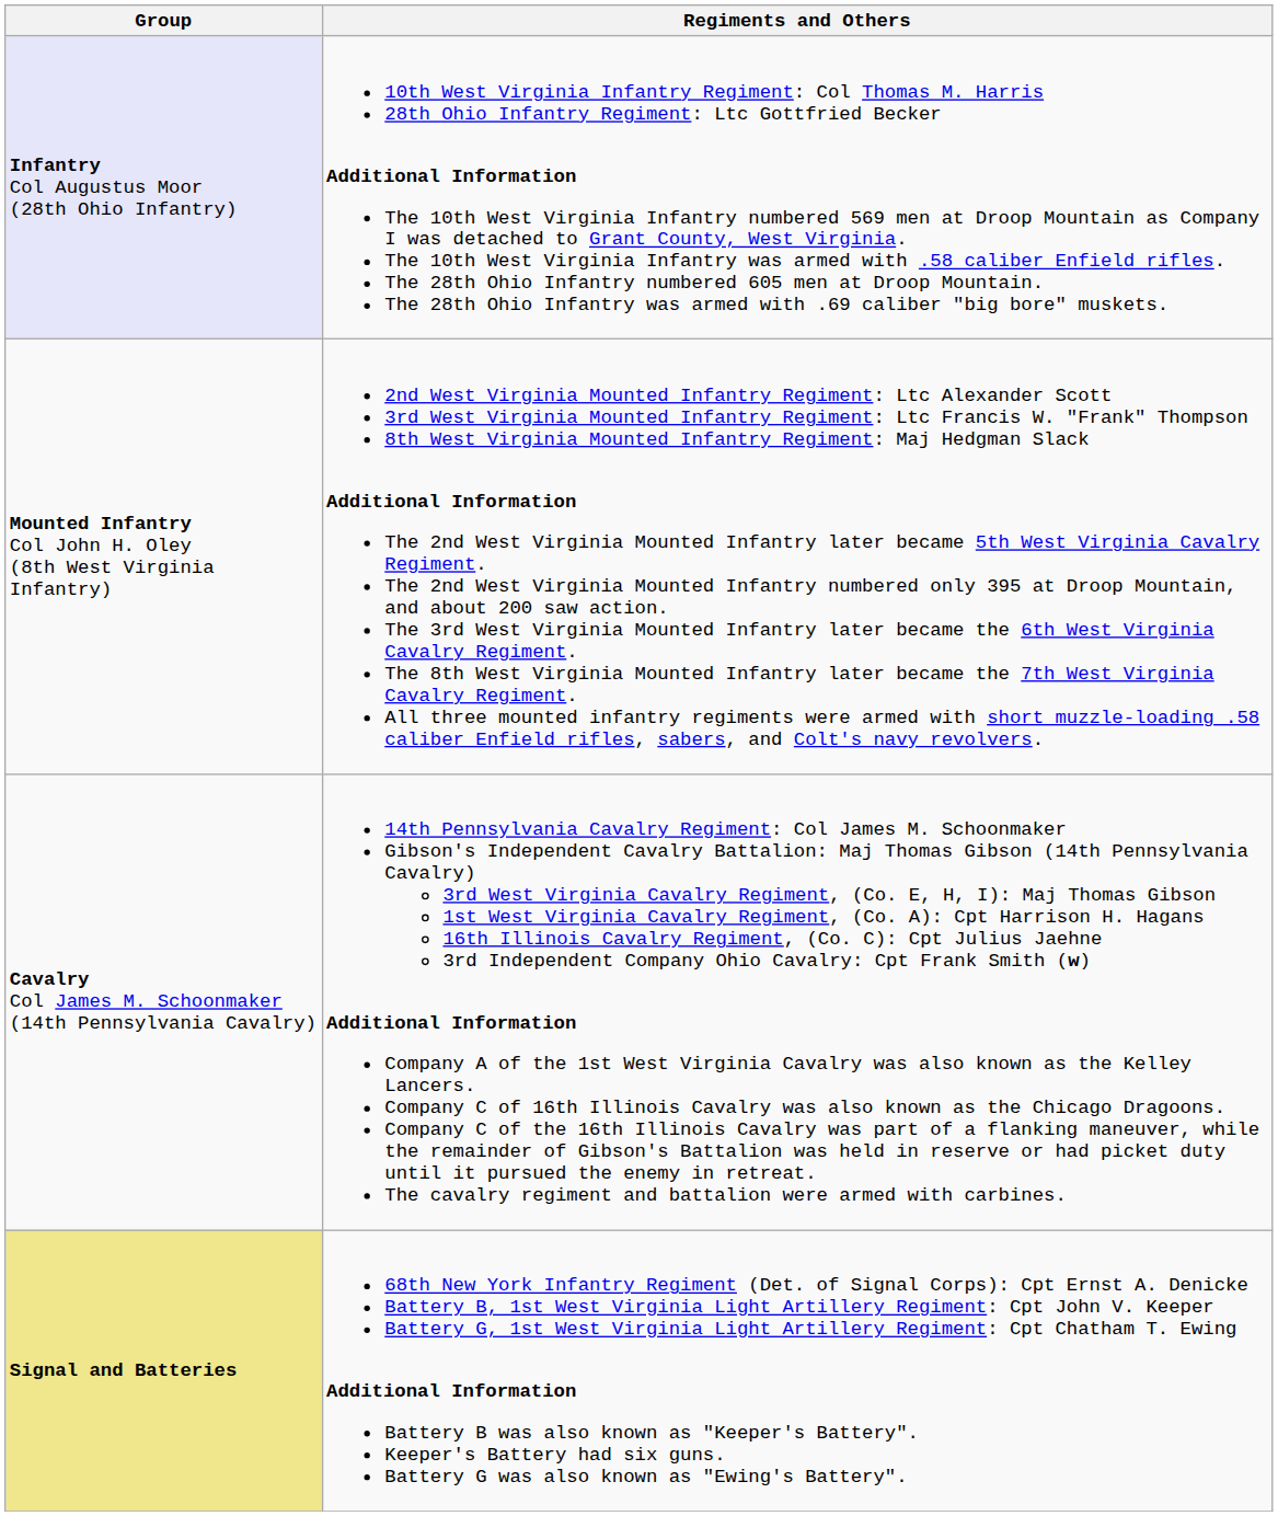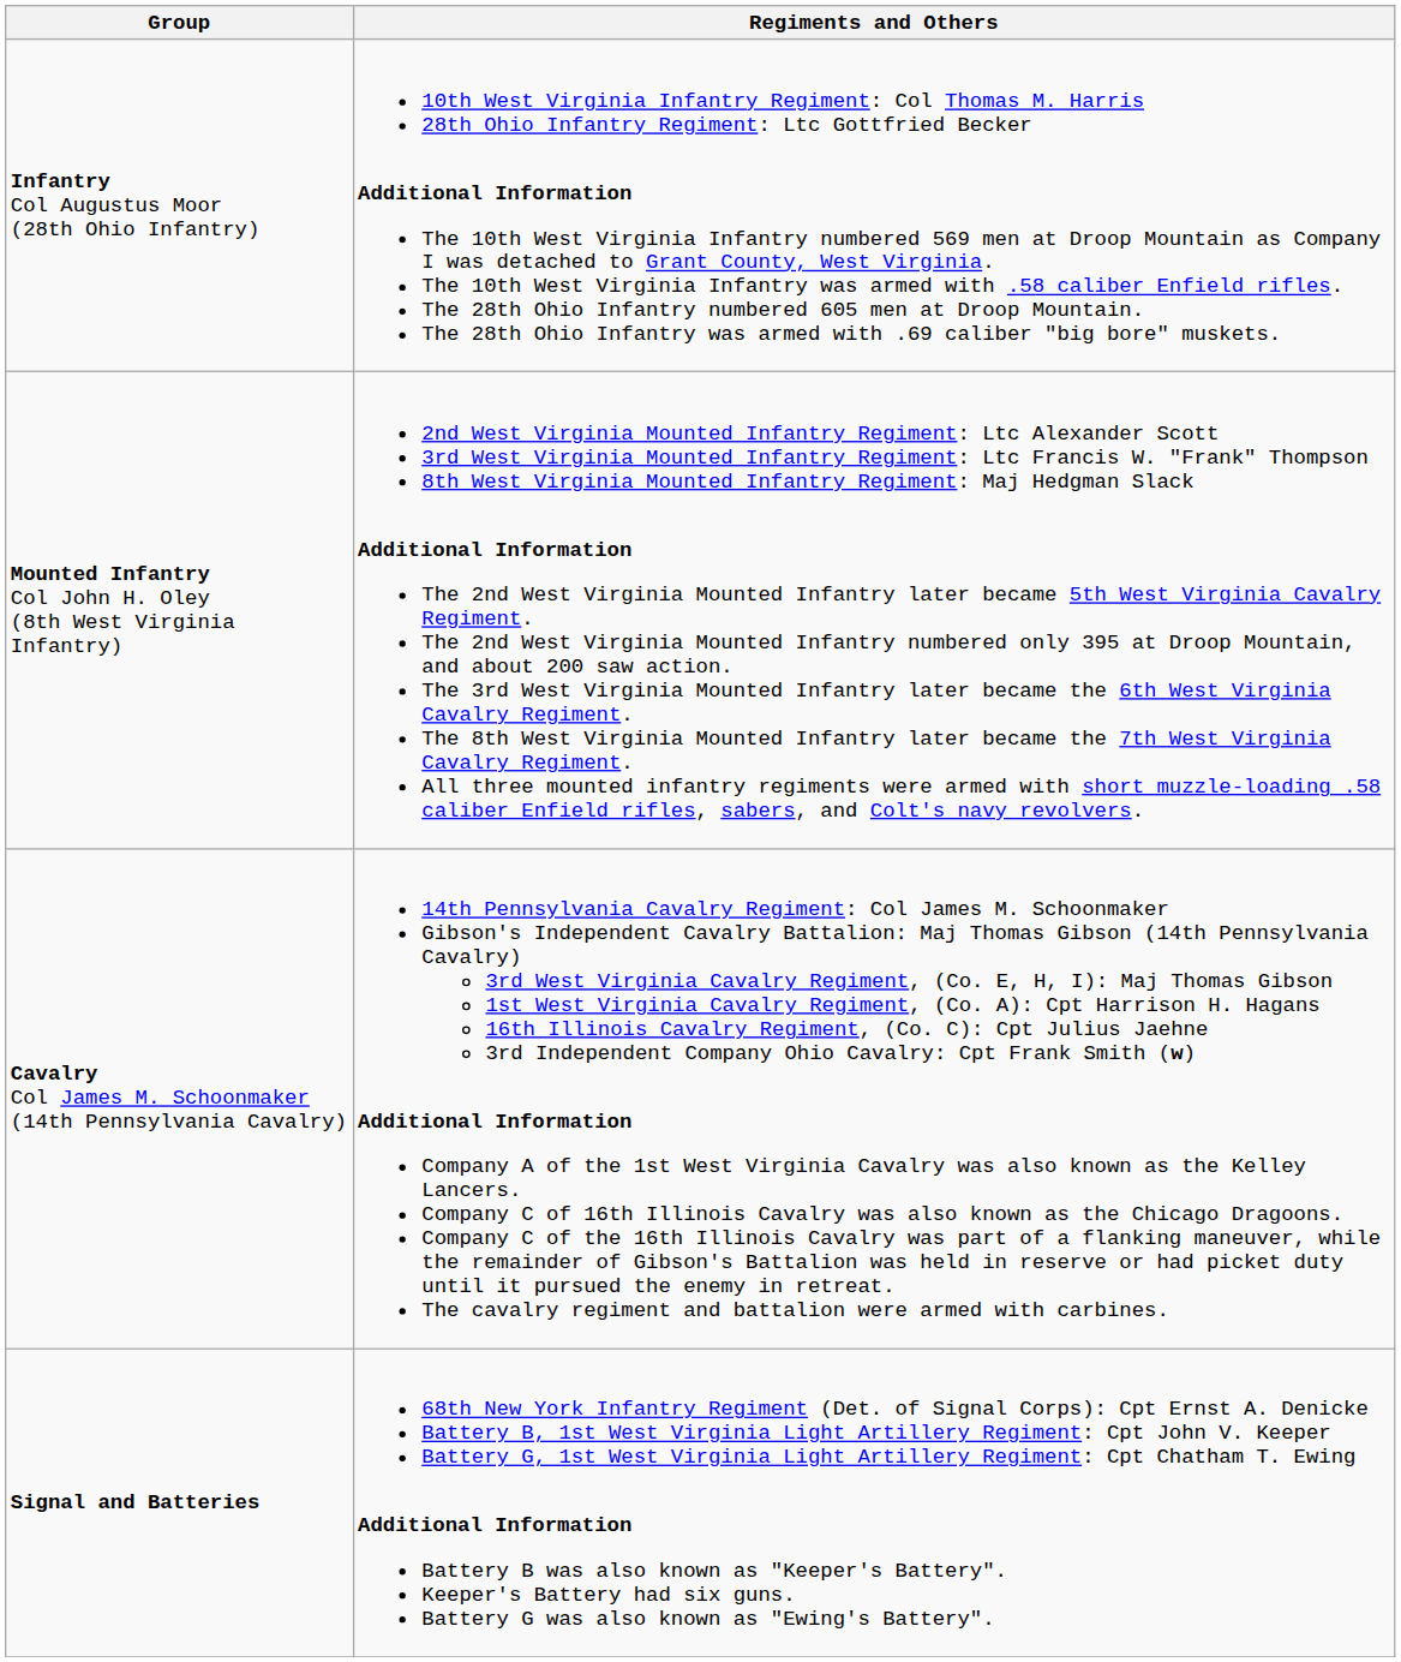 <table class="wikitable">
 <tr>
 <th width=25%>Group</th>
 <th>Regiments and Others</th>
 </tr>
 <tr>
-<td style="background: lavender;"><strong>Infantry</strong><br>Col Augustus Moor<br>(28th Ohio Infantry)</td>
+<td><strong>Infantry</strong><br>Col Augustus Moor<br>(28th Ohio Infantry)</td>
 <td><br><ul><li><a href='#'>10th West Virginia Infantry Regiment</a>: Col <a href='#'>Thomas M. Harris</a></li><li><a href='#'>28th Ohio Infantry Regiment</a>: Ltc Gottfried Becker</li></ul><br> <strong>Additional Information</strong><ul><li>The 10th West Virginia Infantry numbered 569 men at Droop Mountain as Company I was detached to <a href='#'>Grant County, West Virginia</a>.</li><li>The 10th West Virginia  Infantry was armed with <a href='#'>.58 caliber Enfield rifles</a>.</li><li>The 28th Ohio Infantry numbered 605 men at Droop Mountain.</li><li>The 28th Ohio Infantry was armed with .69 caliber "big bore" muskets.</li></ul></td>
 </tr>
 <tr>
 <td><strong>Mounted Infantry</strong><br>Col John H. Oley<br>(8th West Virginia Infantry)</td>
 <td><br><ul><li><a href='#'>2nd West Virginia Mounted Infantry Regiment</a>: Ltc Alexander Scott</li><li><a href='#'>3rd West Virginia Mounted Infantry Regiment</a>: Ltc Francis W. "Frank" Thompson</li><li><a href='#'>8th West Virginia Mounted Infantry Regiment</a>: Maj Hedgman Slack</li></ul><br> <strong>Additional Information</strong><ul><li>The 2nd West Virginia Mounted Infantry later became <a href='#'>5th West Virginia Cavalry Regiment</a>.</li><li>The 2nd West Virginia Mounted Infantry numbered only 395 at Droop Mountain, and about 200 saw action.</li><li>The 3rd West Virginia Mounted Infantry later became the <a href='#'>6th West Virginia Cavalry Regiment</a>.</li><li>The 8th West Virginia Mounted Infantry later became the <a href='#'>7th West Virginia Cavalry Regiment</a>.</li><li>All three mounted infantry regiments were armed with <a href='#'>short muzzle-loading .58 caliber Enfield rifles</a>, <a href='#'>sabers</a>, and <a href='#'>Colt's navy revolvers</a>.</li></ul></td>
 </tr>
 <tr>
 <td><strong>Cavalry</strong><br>Col <a href='#'>James M. Schoonmaker</a><br>(14th Pennsylvania Cavalry)</td>
 <td><br><ul><li><a href='#'>14th Pennsylvania Cavalry Regiment</a>: Col James M. Schoonmaker</li><li>Gibson's Independent Cavalry Battalion: Maj Thomas Gibson (14th Pennsylvania Cavalry)<ul><li><a href='#'>3rd West Virginia Cavalry Regiment</a>, (Co. E, H, I): Maj Thomas Gibson</li><li><a href='#'>1st West Virginia Cavalry Regiment</a>, (Co. A): Cpt Harrison H. Hagans</li><li><a href='#'>16th Illinois Cavalry Regiment</a>, (Co. C): Cpt Julius Jaehne</li><li>3rd Independent Company Ohio Cavalry: Cpt Frank Smith (<strong>w</strong>)</li></ul></li></ul><br> <strong>Additional Information</strong><ul><li>Company A of the 1st West Virginia Cavalry was also known as the Kelley Lancers.</li><li>Company C of 16th Illinois Cavalry was also known as the Chicago Dragoons.</li><li>Company C of the 16th Illinois Cavalry was part of a flanking maneuver, while the remainder of Gibson's Battalion was held in reserve or had picket duty until it pursued the enemy in retreat.</li><li>The cavalry regiment and battalion were armed with carbines.</li></ul></td>
 </tr>
 <tr>
-<td style="background: khaki;"><strong>Signal and Batteries</strong></td>
+<td><strong>Signal and Batteries</strong></td>
 <td><br><ul><li><a href='#'>68th New York Infantry Regiment</a> (Det. of Signal Corps): Cpt Ernst A. Denicke</li><li><a href='#'>Battery B, 1st West Virginia Light Artillery Regiment</a>: Cpt John V. Keeper</li><li><a href='#'>Battery G, 1st West Virginia Light Artillery Regiment</a>: Cpt Chatham T. Ewing</li></ul><br> <strong>Additional Information</strong><ul><li>Battery B was also known as "Keeper's Battery".</li><li>Keeper's Battery had six guns.</li><li>Battery G was also known as "Ewing's Battery".</li></ul></td>
 </tr>
 </table>
